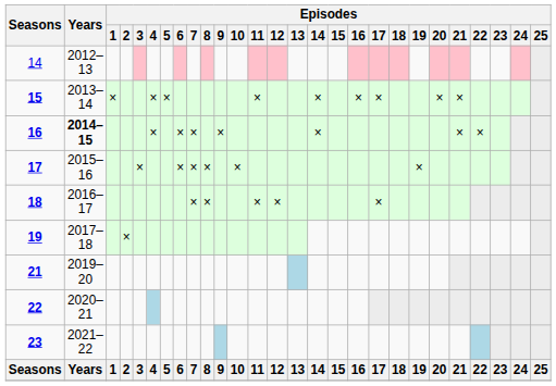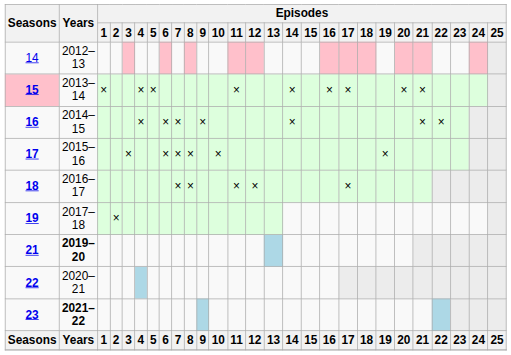 <table class="wikitable" style="text-align:center; margin:auto; width:5%;">
 <tr>
 <th rowspan="2">Seasons</th>
 <th rowspan="2">Years</th>
 <th colspan="25">Episodes</th>
 </tr>
 <tr>
 <th>1</th>
 <th>2</th>
 <th>3</th>
 <th>4</th>
 <th>5</th>
 <th>6</th>
 <th>7</th>
 <th>8</th>
 <th>9</th>
 <th>10</th>
 <th>11</th>
 <th>12</th>
 <th>13</th>
 <th>14</th>
 <th>15</th>
 <th>16</th>
 <th>17</th>
 <th>18</th>
 <th>19</th>
 <th>20</th>
 <th>21</th>
 <th>22</th>
 <th>23</th>
 <th>24</th>
 <th>25</th>
 </tr>
 <tr>
 <td><a href='#'>14</a></td>
 <td>2012–13</td>
 <td></td>
 <td></td>
 <td style="background:pink;"></td>
 <td></td>
 <td></td>
 <td style="background:pink;"></td>
 <td></td>
 <td style="background:pink;"></td>
 <td></td>
 <td></td>
 <td style="background:pink;"></td>
 <td style="background:pink;"></td>
 <td></td>
 <td></td>
 <td></td>
 <td style="background:pink;"></td>
 <td style="background:pink;"></td>
 <td style="background:pink;"></td>
 <td></td>
 <td style="background:pink;"></td>
 <td style="background:pink;"></td>
 <td></td>
 <td></td>
 <td style="background:pink;"></td>
 <td style="background:#ececec; color:gray; vertical-align:middle;" class="table-na"></td>
 </tr>
 <tr>
-<td><strong><a href='#'>15</a></strong></td>
+<td style="background: pink;"><strong><a href='#'>15</a></strong></td>
 <td>2013–14</td>
 <td style="background:#dfd;">×</td>
 <td style="background:#dfd;"></td>
 <td style="background:#dfd;"></td>
 <td style="background:#dfd;">×</td>
 <td style="background:#dfd;">×</td>
 <td style="background:#dfd;"></td>
 <td style="background:#dfd;"></td>
 <td style="background:#dfd;"></td>
 <td style="background:#dfd;"></td>
 <td style="background:#dfd;"></td>
 <td style="background:#dfd;">×</td>
 <td style="background:#dfd;"></td>
 <td style="background:#dfd;"></td>
 <td style="background:#dfd;">×</td>
 <td style="background:#dfd;"></td>
 <td style="background:#dfd;">×</td>
 <td style="background:#dfd;">×</td>
 <td style="background:#dfd;"></td>
 <td style="background:#dfd;"></td>
 <td style="background:#dfd;">×</td>
 <td style="background:#dfd;">×</td>
 <td style="background:#dfd;"></td>
 <td style="background:#dfd;"></td>
 <td style="background:#dfd;"></td>
 <td style="background:#ececec; color:gray; vertical-align:middle;" class="table-na"></td>
 </tr>
 <tr>
 <td><strong><a href='#'>16</a></strong></td>
-<td><strong>2014–15</strong></td>
+<td>2014–15</td>
 <td style="background:#dfd;"></td>
 <td style="background:#dfd;"></td>
 <td style="background:#dfd;"></td>
 <td style="background:#dfd;">×</td>
 <td style="background:#dfd;"></td>
 <td style="background:#dfd;">×</td>
 <td style="background:#dfd;">×</td>
 <td style="background:#dfd;"></td>
 <td style="background:#dfd;">×</td>
 <td style="background:#dfd;"></td>
 <td style="background:#dfd;"></td>
 <td style="background:#dfd;"></td>
 <td style="background:#dfd;"></td>
 <td style="background:#dfd;">×</td>
 <td style="background:#dfd;"></td>
 <td style="background:#dfd;"></td>
 <td style="background:#dfd;"></td>
 <td style="background:#dfd;"></td>
 <td style="background:#dfd;"></td>
 <td style="background:#dfd;"></td>
 <td style="background:#dfd;">×</td>
 <td style="background:#dfd;">×</td>
 <td style="background:#dfd;"></td>
 <td style="background:#ececec; color:gray; vertical-align:middle;" class="table-na"></td>
 <td style="background:#ececec; color:gray; vertical-align:middle;" class="table-na"></td>
 </tr>
 <tr>
 <td><strong><a href='#'>17</a></strong></td>
 <td>2015–16</td>
 <td style="background:#dfd;"></td>
 <td style="background:#dfd;"></td>
 <td style="background:#dfd;">×</td>
 <td style="background:#dfd;"></td>
 <td style="background:#dfd;"></td>
 <td style="background:#dfd;">×</td>
 <td style="background:#dfd;">×</td>
 <td style="background:#dfd;">×</td>
 <td style="background:#dfd;"></td>
 <td style="background:#dfd;">×</td>
 <td style="background:#dfd;"></td>
 <td style="background:#dfd;"></td>
 <td style="background:#dfd;"></td>
 <td style="background:#dfd;"></td>
 <td style="background:#dfd;"></td>
 <td style="background:#dfd;"></td>
 <td style="background:#dfd;"></td>
 <td style="background:#dfd;"></td>
 <td style="background:#dfd;">×</td>
 <td style="background:#dfd;"></td>
 <td style="background:#dfd;"></td>
 <td style="background:#dfd;"></td>
 <td style="background:#dfd;"></td>
 <td style="background:#ececec; color:gray; vertical-align:middle;" class="table-na"></td>
 <td style="background:#ececec; color:gray; vertical-align:middle;" class="table-na"></td>
 </tr>
 <tr>
 <td><strong><a href='#'>18</a></strong></td>
 <td>2016–17</td>
 <td style="background:#dfd;"></td>
 <td style="background:#dfd;"></td>
 <td style="background:#dfd;"></td>
 <td style="background:#dfd;"></td>
 <td style="background:#dfd;"></td>
 <td style="background:#dfd;"></td>
 <td style="background:#dfd;">×</td>
 <td style="background:#dfd;">×</td>
 <td style="background:#dfd;"></td>
 <td style="background:#dfd;"></td>
 <td style="background:#dfd;">×</td>
 <td style="background:#dfd;">×</td>
 <td style="background:#dfd;"></td>
 <td style="background:#dfd;"></td>
 <td style="background:#dfd;"></td>
 <td style="background:#dfd;"></td>
 <td style="background:#dfd;">×</td>
 <td style="background:#dfd;"></td>
 <td style="background:#dfd;"></td>
 <td style="background:#dfd;"></td>
 <td style="background:#dfd;"></td>
 <td style="background:#ececec; color:gray; vertical-align:middle;" class="table-na"></td>
 <td style="background:#ececec; color:gray; vertical-align:middle;" class="table-na"></td>
 <td style="background:#ececec; color:gray; vertical-align:middle;" class="table-na"></td>
 <td style="background:#ececec; color:gray; vertical-align:middle;" class="table-na"></td>
 </tr>
 <tr>
 <td><strong><a href='#'>19</a></strong></td>
 <td>2017–18</td>
 <td style="background:#dfd;"></td>
 <td style="background:#dfd;">×</td>
 <td style="background:#dfd;"></td>
 <td style="background:#dfd;"></td>
 <td style="background:#dfd;"></td>
 <td style="background:#dfd;"></td>
 <td style="background:#dfd;"></td>
 <td style="background:#dfd;"></td>
 <td style="background:#dfd;"></td>
 <td style="background:#dfd;"></td>
 <td style="background:#dfd;"></td>
 <td style="background:#dfd;"></td>
 <td style="background:#dfd;"></td>
 <td></td>
 <td></td>
 <td></td>
 <td></td>
 <td></td>
 <td></td>
 <td></td>
 <td></td>
 <td></td>
 <td></td>
 <td></td>
 <td style="background:#ececec; color:gray; vertical-align:middle;" class="table-na"></td>
 </tr>
 <tr>
 <td><strong><a href='#'>21</a></strong></td>
-<td>2019–20</td>
+<td><strong>2019–20</strong></td>
 <td></td>
 <td></td>
 <td></td>
 <td></td>
 <td></td>
 <td></td>
 <td></td>
 <td></td>
 <td></td>
 <td></td>
 <td></td>
 <td></td>
 <td style="background:lightblue;"></td>
 <td></td>
 <td></td>
 <td></td>
 <td></td>
 <td></td>
 <td></td>
 <td></td>
 <td style="background:#ececec; color:gray; vertical-align:middle;" class="table-na"></td>
 <td style="background:#ececec; color:gray; vertical-align:middle;" class="table-na"></td>
 <td style="background:#ececec; color:gray; vertical-align:middle;" class="table-na"></td>
 <td style="background:#ececec; color:gray; vertical-align:middle;" class="table-na"></td>
 <td style="background:#ececec; color:gray; vertical-align:middle;" class="table-na"></td>
 </tr>
 <tr>
 <td><strong><a href='#'>22</a></strong></td>
 <td>2020–21</td>
 <td></td>
 <td></td>
 <td></td>
 <td style="background:lightblue;"></td>
 <td></td>
 <td></td>
 <td></td>
 <td></td>
 <td></td>
 <td></td>
 <td></td>
 <td></td>
 <td></td>
 <td></td>
 <td></td>
 <td></td>
 <td style="background:#ececec; color:gray; vertical-align:middle;" class="table-na"></td>
 <td style="background:#ececec; color:gray; vertical-align:middle;" class="table-na"></td>
 <td style="background:#ececec; color:gray; vertical-align:middle;" class="table-na"></td>
 <td style="background:#ececec; color:gray; vertical-align:middle;" class="table-na"></td>
 <td style="background:#ececec; color:gray; vertical-align:middle;" class="table-na"></td>
 <td style="background:#ececec; color:gray; vertical-align:middle;" class="table-na"></td>
 <td style="background:#ececec; color:gray; vertical-align:middle;" class="table-na"></td>
 <td style="background:#ececec; color:gray; vertical-align:middle;" class="table-na"></td>
 <td style="background:#ececec; color:gray; vertical-align:middle;" class="table-na"></td>
 </tr>
 <tr>
 <td><strong><a href='#'>23</a></strong></td>
-<td>2021–22</td>
+<td><strong>2021–22</strong></td>
 <td></td>
 <td></td>
 <td></td>
 <td></td>
 <td></td>
 <td></td>
 <td></td>
 <td></td>
 <td style="background:lightblue;"></td>
 <td></td>
 <td></td>
 <td></td>
 <td></td>
 <td></td>
 <td></td>
 <td></td>
 <td></td>
 <td></td>
 <td></td>
 <td></td>
 <td></td>
 <td style="background:lightblue;"></td>
 <td style="background:#ececec; color:gray; vertical-align:middle;" class="table-na"></td>
 <td style="background:#ececec; color:gray; vertical-align:middle;" class="table-na"></td>
 <td style="background:#ececec; color:gray; vertical-align:middle;" class="table-na"></td>
 </tr>
 <tr -na"|">
 <th rowspan="2">Seasons</th>
 <th rowspan="2">Years</th>
 <th>1</th>
 <th>2</th>
 <th>3</th>
 <th>4</th>
 <th>5</th>
 <th>6</th>
 <th>7</th>
 <th>8</th>
 <th>9</th>
 <th>10</th>
 <th>11</th>
 <th>12</th>
 <th>13</th>
 <th>14</th>
 <th>15</th>
 <th>16</th>
 <th>17</th>
 <th>18</th>
 <th>19</th>
 <th>20</th>
 <th>21</th>
 <th>22</th>
 <th>23</th>
 <th>24</th>
 <th>25</th>
 </tr>
 <tr>
 </tr>
 <tr>
 </tr>
 </table>
